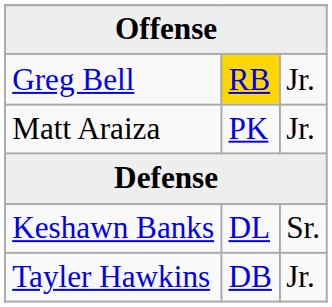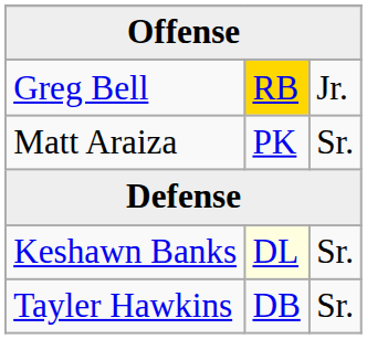 <table class="wikitable" style="display: inline-table;">
 <tr align="center">
 </tr>
 <tr align="center" style="background:#eee;font-weight:bold;">
 <td colspan="3">Offense</td>
 </tr>
 <tr>
 <td><a href='#'>Greg Bell</a></td>
 <td style="background: gold;"><a href='#'>RB</a></td>
 <td>Jr.</td>
 </tr>
 <tr>
 <td>Matt Araiza</td>
 <td><a href='#'>PK</a></td>
-<td>Jr.</td>
+<td>Sr.</td>
 </tr>
 <tr align="center" style="background:#eee;font-weight:bold;">
 <td colspan="3">Defense</td>
 </tr>
 <tr>
 <td><a href='#'>Keshawn Banks</a></td>
-<td><a href='#'>DL</a></td>
+<td style="background: lightyellow;"><a href='#'>DL</a></td>
 <td>Sr.</td>
 </tr>
 <tr>
 <td><a href='#'>Tayler Hawkins</a></td>
 <td><a href='#'>DB</a></td>
-<td>Jr.</td>
+<td>Sr.</td>
 </tr>
 </table>
